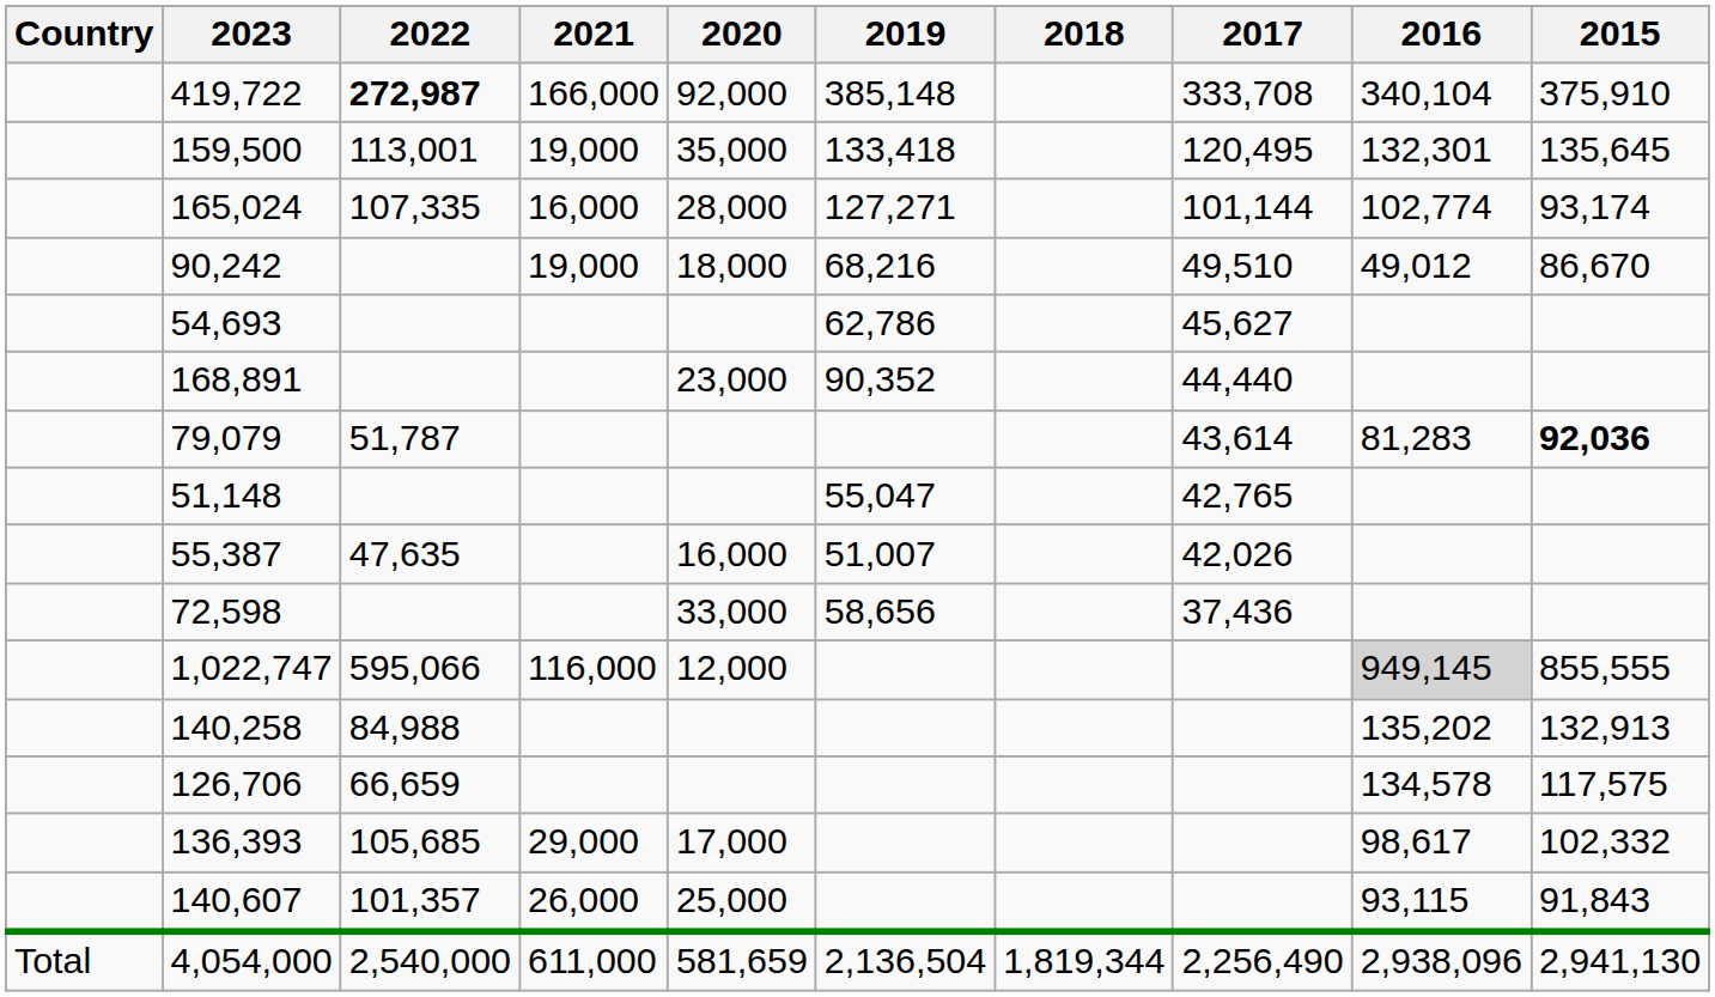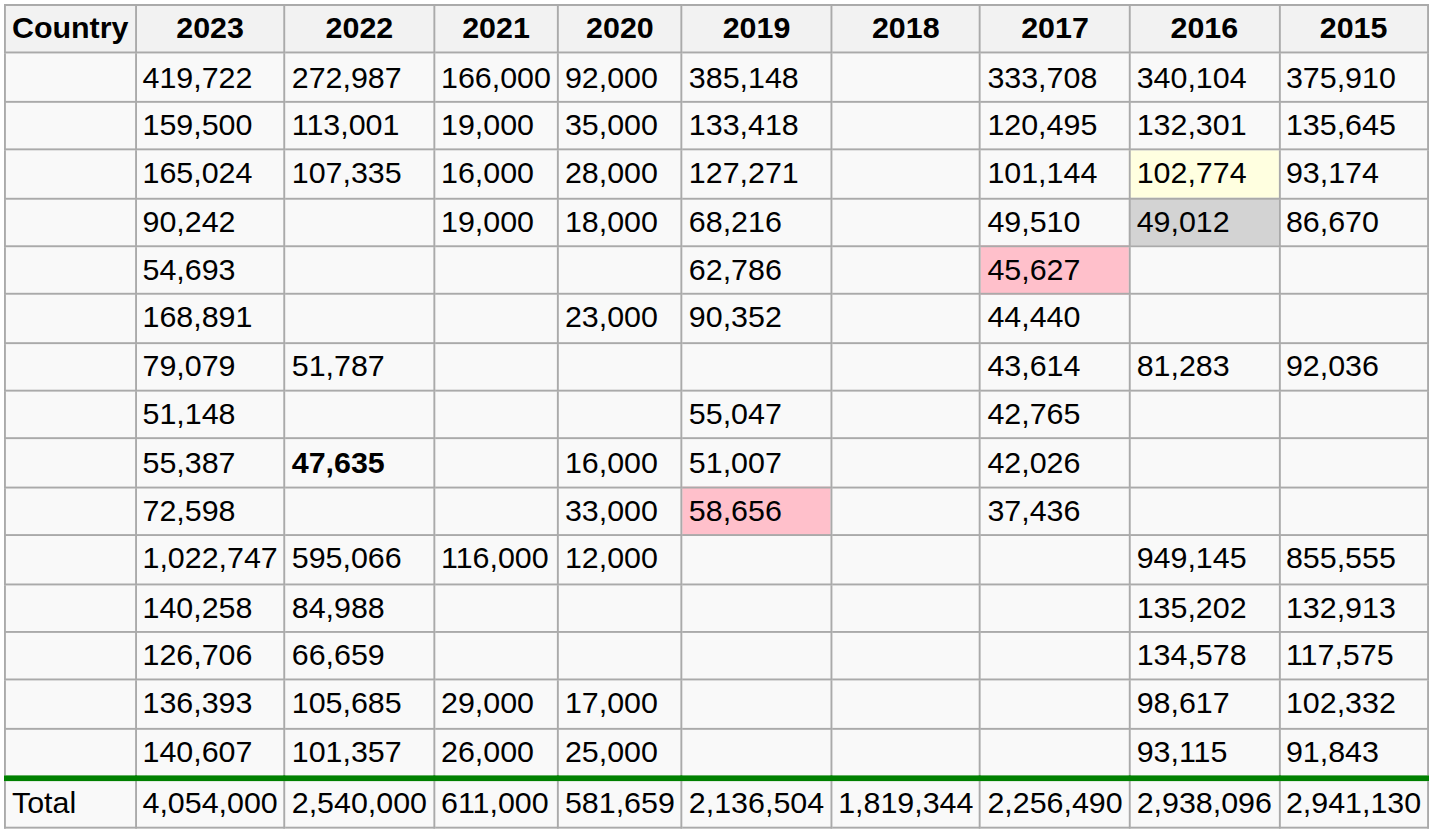 <table class="wikitable sortable">
 <tr>
 </tr>
 <tr>
 <th>Country</th>
 <th>2023</th>
 <th>2022</th>
 <th>2021</th>
 <th>2020</th>
 <th>2019</th>
 <th>2018</th>
 <th>2017</th>
 <th>2016</th>
 <th>2015</th>
 </tr>
 <tr>
 <td></td>
 <td>419,722</td>
-<td><strong>272,987</strong></td>
+<td>272,987</td>
 <td>166,000</td>
 <td>92,000</td>
 <td>385,148</td>
 <td></td>
 <td>333,708</td>
 <td>340,104</td>
 <td>375,910</td>
 </tr>
 <tr>
 <td></td>
 <td>159,500</td>
 <td>113,001</td>
 <td>19,000</td>
 <td>35,000</td>
 <td>133,418</td>
 <td></td>
 <td>120,495</td>
 <td>132,301</td>
 <td>135,645</td>
 </tr>
 <tr>
 <td></td>
 <td>165,024</td>
 <td>107,335</td>
 <td>16,000</td>
 <td>28,000</td>
 <td>127,271</td>
 <td></td>
 <td>101,144</td>
-<td>102,774</td>
+<td style="background: lightyellow;">102,774</td>
 <td>93,174</td>
 </tr>
 <tr>
 <td></td>
 <td>90,242</td>
 <td></td>
 <td>19,000</td>
 <td>18,000</td>
 <td>68,216</td>
 <td></td>
 <td>49,510</td>
-<td>49,012</td>
+<td style="background: lightgrey;">49,012</td>
 <td>86,670</td>
 </tr>
 <tr>
 <td></td>
 <td>54,693</td>
 <td></td>
 <td></td>
 <td></td>
 <td>62,786</td>
 <td></td>
-<td>45,627</td>
+<td style="background: pink;">45,627</td>
 <td></td>
 <td></td>
 </tr>
 <tr>
 <td></td>
 <td>168,891</td>
 <td></td>
 <td></td>
 <td>23,000</td>
 <td>90,352</td>
 <td></td>
 <td>44,440</td>
 <td></td>
 <td></td>
 </tr>
 <tr>
 <td></td>
 <td>79,079</td>
 <td>51,787</td>
 <td></td>
 <td></td>
 <td></td>
 <td></td>
 <td>43,614</td>
 <td>81,283</td>
-<td><strong>92,036</strong></td>
+<td>92,036</td>
 </tr>
 <tr>
 <td></td>
 <td>51,148</td>
 <td></td>
 <td></td>
 <td></td>
 <td>55,047</td>
 <td></td>
 <td>42,765</td>
 <td></td>
 <td></td>
 </tr>
 <tr>
 <td></td>
 <td>55,387</td>
-<td>47,635</td>
+<td><strong>47,635</strong></td>
 <td></td>
 <td>16,000</td>
 <td>51,007</td>
 <td></td>
 <td>42,026</td>
 <td></td>
 <td></td>
 </tr>
 <tr>
 <td></td>
 <td>72,598</td>
 <td></td>
 <td></td>
 <td>33,000</td>
-<td>58,656</td>
+<td style="background: pink;">58,656</td>
 <td></td>
 <td>37,436</td>
 <td></td>
 <td></td>
 </tr>
 <tr>
 <td></td>
 <td>1,022,747</td>
 <td>595,066</td>
 <td>116,000</td>
 <td>12,000</td>
 <td></td>
 <td></td>
 <td></td>
-<td style="background: lightgrey;">949,145</td>
+<td>949,145</td>
 <td>855,555</td>
 </tr>
 <tr>
 <td></td>
 <td>140,258</td>
 <td>84,988</td>
 <td></td>
 <td></td>
 <td></td>
 <td></td>
 <td></td>
 <td>135,202</td>
 <td>132,913</td>
 </tr>
 <tr>
 <td></td>
 <td>126,706</td>
 <td>66,659</td>
 <td></td>
 <td></td>
 <td></td>
 <td></td>
 <td></td>
 <td>134,578</td>
 <td>117,575</td>
 </tr>
 <tr>
 <td></td>
 <td>136,393</td>
 <td>105,685</td>
 <td>29,000</td>
 <td>17,000</td>
 <td></td>
 <td></td>
 <td></td>
 <td>98,617</td>
 <td>102,332</td>
 </tr>
 <tr>
 <td></td>
 <td>140,607</td>
 <td>101,357</td>
 <td>26,000</td>
 <td>25,000</td>
 <td></td>
 <td></td>
 <td></td>
 <td>93,115</td>
 <td>91,843</td>
 </tr>
 <tr style="border-top:3px solid green;">
 <td>Total</td>
 <td>4,054,000</td>
 <td>2,540,000</td>
 <td>611,000</td>
 <td>581,659</td>
 <td>2,136,504</td>
 <td>1,819,344</td>
 <td>2,256,490</td>
 <td>2,938,096</td>
 <td>2,941,130</td>
 </tr>
 </table>
